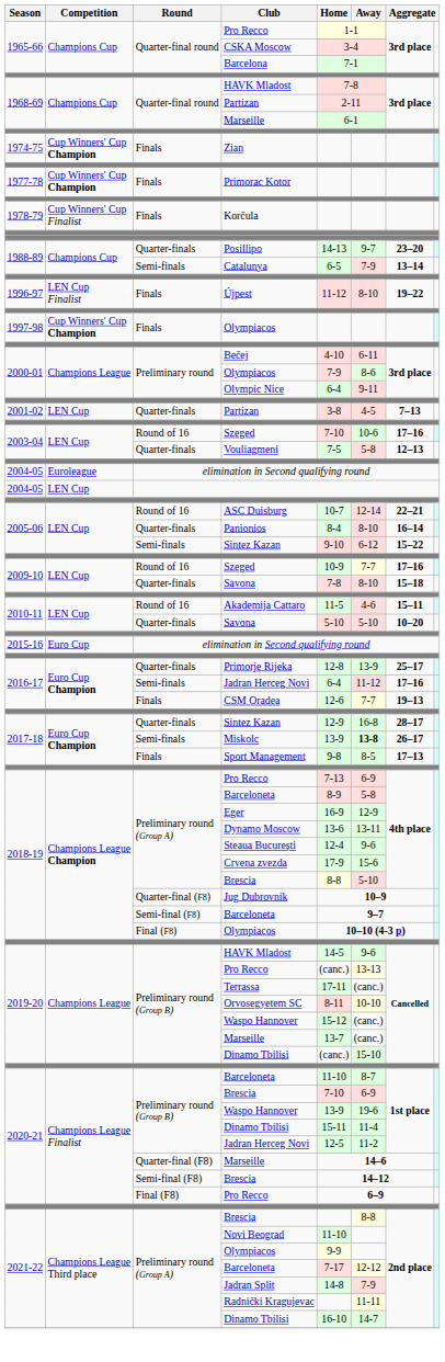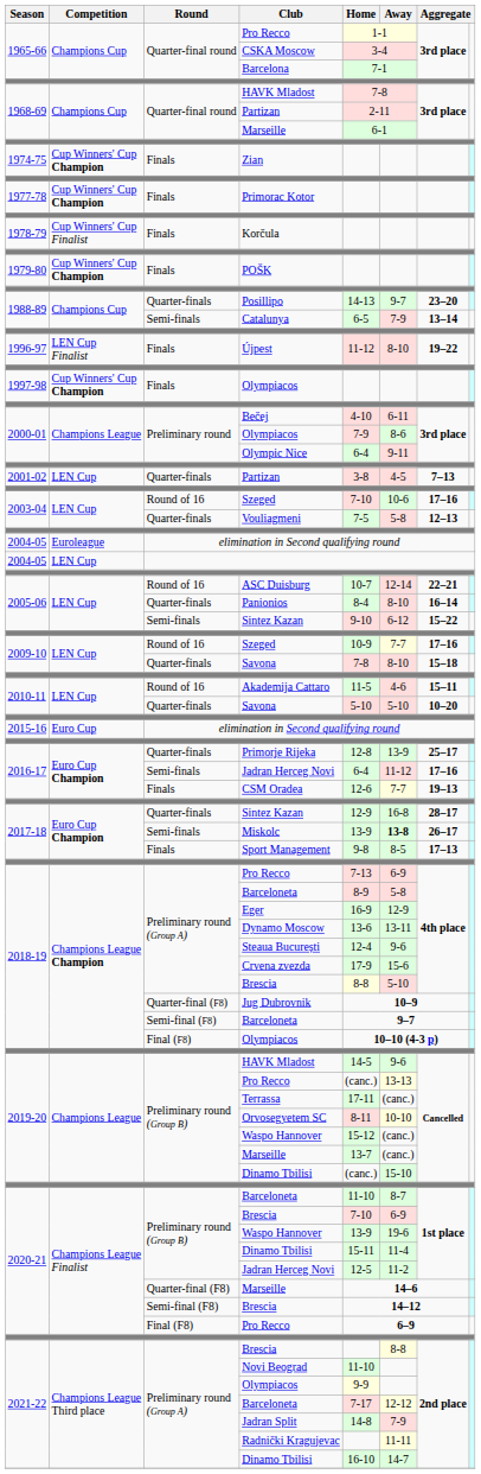 <table class="wikitable collapsible collapsed" align="center" style="text-align:left;">
 <tr>
 <th>Season</th>
 <th>Competition</th>
 <th>Round</th>
 <th>Club</th>
 <th>Home</th>
 <th>Away</th>
 <th colspan=2>Aggregate</th>
 </tr>
 <tr>
 <td rowspan=3><a href='#'>1965-66</a></td>
 <td rowspan=3><a href='#'>Champions Cup</a></td>
 <td rowspan=3>Quarter-final round</td>
 <td> <a href='#'>Pro Recco</a></td>
 <td colspan=2; style="text-align:center; background:#ffd;">1-1</td>
 <td align=center rowspan=3><strong>3rd place</strong></td>
 <td align="center" rowspan=3></td>
 </tr>
 <tr>
 <td> <a href='#'>CSKA Moscow</a></td>
 <td colspan=2; style="text-align:center; background:#fdd;">3-4</td>
 </tr>
 <tr>
 <td> <a href='#'>Barcelona</a></td>
 <td colspan=2; style="text-align:center; background:#dfd;">7-1</td>
 </tr>
 <tr>
 <td colspan=8 style="text-align: center;" bgcolor=grey></td>
 </tr>
 <tr>
 <td rowspan=3><a href='#'>1968-69</a></td>
 <td rowspan=3><a href='#'>Champions Cup</a></td>
 <td rowspan=3>Quarter-final round</td>
 <td> <a href='#'>HAVK Mladost</a></td>
 <td colspan=2; style="text-align:center; background:#fdd;">7-8</td>
 <td align=center rowspan=3><strong>3rd place</strong></td>
 <td align="center" rowspan=3></td>
 </tr>
 <tr>
 <td> <a href='#'>Partizan</a></td>
 <td colspan=2; style="text-align:center; background:#fdd;">2-11</td>
 </tr>
 <tr>
 <td> <a href='#'>Marseille</a></td>
 <td colspan=2; style="text-align:center; background:#dfd;">6-1</td>
 </tr>
 <tr>
 <td colspan=8 style="text-align: center;" bgcolor=grey></td>
 </tr>
 <tr>
 <td rowspan=1><a href='#'>1974-75</a></td>
 <td rowspan=1><a href='#'>Cup Winners' Cup</a><br> <strong>Champion</strong></td>
 <td>Finals</td>
 <td> <a href='#'>Zian</a></td>
 <td></td>
 <td></td>
 <td style="text-align:center;"></td>
 <td style="background-color:#CFF" align="center"></td>
 </tr>
 <tr>
 <td colspan=8 style="text-align: center;" bgcolor=grey></td>
 </tr>
 <tr>
 <td rowspan=1><a href='#'>1977-78</a></td>
 <td rowspan=1><a href='#'>Cup Winners' Cup</a><br> <strong>Champion</strong></td>
 <td>Finals</td>
 <td> <a href='#'>Primorac Kotor</a></td>
 <td></td>
 <td></td>
 <td style="text-align:center;"></td>
 <td style="background-color:#CFF" align="center"></td>
 </tr>
 <tr>
 <td colspan=8 style="text-align: center;" bgcolor=grey></td>
 </tr>
 <tr>
 <td rowspan=1><a href='#'>1978-79</a></td>
 <td rowspan=1><a href='#'>Cup Winners' Cup</a><br> <em>Finalist</em></td>
 <td>Finals</td>
 <td> Korčula</td>
 <td></td>
 <td></td>
 <td style="text-align:center;"></td>
 <td align="center"></td>
 </tr>
 <tr>
 <td colspan=8 style="text-align: center;" bgcolor=grey></td>
+</tr>
+<tr>
+<td rowspan=1><a href='#'>1979-80</a></td>
+<td rowspan=1><a href='#'>Cup Winners' Cup</a><br> <strong>Champion</strong></td>
+<td>Finals</td>
+<td> <a href='#'>POŠK</a></td>
+<td></td>
+<td></td>
+<td style="text-align:center;"></td>
+<td style="background-color:#CFF" align="center"></td>
 </tr>
 <tr>
 <td colspan=8 style="text-align: center;" bgcolor=grey></td>
 </tr>
 <tr>
 <td rowspan=2><a href='#'>1988-89</a></td>
 <td rowspan=2><a href='#'>Champions Cup</a></td>
 <td>Quarter-finals</td>
 <td> <a href='#'>Posillipo</a></td>
 <td style="text-align:center; background:#dfd;">14-13</td>
 <td style="text-align:center; background:#dfd;">9-7</td>
 <td style="text-align:center;"><strong>23–20</strong></td>
 <td style="background-color:#CFF" align="center"></td>
 </tr>
 <tr>
 <td>Semi-finals</td>
 <td> <a href='#'>Catalunya</a></td>
 <td style="text-align:center; background:#dfd;">6-5</td>
 <td style="text-align:center; background:#fdd;">7-9</td>
 <td style="text-align:center;"><strong>13–14</strong></td>
 <td align="center"></td>
 </tr>
 <tr>
 <td colspan=8 style="text-align: center;" bgcolor=grey></td>
 </tr>
 <tr>
 <td rowspan=1><a href='#'>1996-97</a></td>
 <td rowspan=1><a href='#'>LEN Cup</a><br> <em>Finalist</em></td>
 <td>Finals</td>
 <td> <a href='#'>Újpest</a></td>
 <td style="text-align:center; background:#fdd;">11-12<br></td>
 <td style="text-align:center; background:#fdd;">8-10</td>
 <td style="text-align:center;"><strong>19–22</strong></td>
 <td align="center"></td>
 </tr>
 <tr>
 <td colspan=8 style="text-align: center;" bgcolor=grey></td>
 </tr>
 <tr>
 <td rowspan=1><a href='#'>1997-98</a></td>
 <td rowspan=1><a href='#'>Cup Winners' Cup</a><br> <strong>Champion</strong></td>
 <td>Finals</td>
 <td> <a href='#'>Olympiacos</a></td>
 <td></td>
 <td></td>
 <td style="text-align:center;"></td>
 <td style="background-color:#CFF" align="center"></td>
 </tr>
 <tr>
 <td colspan=8 style="text-align: center;" bgcolor=grey></td>
 </tr>
 <tr>
 <td rowspan=3><a href='#'>2000-01</a></td>
 <td rowspan=3><a href='#'>Champions League</a></td>
 <td rowspan=3>Preliminary round<br><em></em></td>
 <td> <a href='#'>Bečej</a></td>
 <td style="text-align:center; background:#fdd;">4-10</td>
 <td style="text-align:center; background:#fdd;">6-11</td>
 <td align=center rowspan=3><strong>3rd place</strong></td>
 <td align="center" rowspan=3></td>
 </tr>
 <tr>
 <td> <a href='#'>Olympiacos</a></td>
 <td style="text-align:center; background:#fdd;">7-9</td>
 <td style="text-align:center; background:#dfd;">8-6</td>
 </tr>
 <tr>
 <td> <a href='#'>Olympic Nice</a></td>
 <td style="text-align:center; background:#dfd;">6-4</td>
 <td style="text-align:center; background:#fdd;">9-11</td>
 </tr>
 <tr>
 <td colspan=8 style="text-align: center;" bgcolor=grey></td>
 </tr>
 <tr>
 <td rowspan=1><a href='#'>2001-02</a></td>
 <td rowspan=1><a href='#'>LEN Cup</a></td>
 <td>Quarter-finals</td>
 <td> <a href='#'>Partizan</a></td>
 <td style="text-align:center; background:#fdd;">3-8</td>
 <td style="text-align:center; background:#fdd;">4-5</td>
 <td style="text-align:center;"><strong>7–13</strong></td>
 <td align="center"></td>
 </tr>
 <tr>
 <td colspan=8 style="text-align: center;" bgcolor=grey></td>
 </tr>
 <tr>
 <td rowspan=2><a href='#'>2003-04</a></td>
 <td rowspan=2><a href='#'>LEN Cup</a></td>
 <td>Round of 16</td>
 <td> <a href='#'>Szeged</a></td>
 <td style="text-align:center; background:#fdd;">7-10</td>
 <td style="text-align:center; background:#dfd;">10-6</td>
 <td style="text-align:center;"><strong>17–16</strong></td>
 <td style="background-color:#CFF" align="center"></td>
 </tr>
 <tr>
 <td>Quarter-finals</td>
 <td> <a href='#'>Vouliagmeni</a></td>
 <td style="text-align:center; background:#dfd;">7-5</td>
 <td style="text-align:center; background:#fdd;">5-8</td>
 <td style="text-align:center;"><strong>12–13</strong></td>
 <td align="center"></td>
 </tr>
 <tr>
 <td colspan=8 style="text-align: center;" bgcolor=grey></td>
 </tr>
 <tr>
 <td rowspan=1><a href='#'>2004-05</a></td>
 <td rowspan=1><a href='#'>Euroleague</a></td>
 <td colspan=6; align="center"><em>elimination in Second qualifying round</em></td>
 </tr>
 <tr>
 <td rowspan=1><a href='#'>2004-05</a></td>
 <td rowspan=1><a href='#'>LEN Cup</a></td>
 <td colspan=6; align="center"></td>
 </tr>
 <tr>
 <td colspan=8 style="text-align: center;" bgcolor=grey></td>
 </tr>
 <tr>
 <td rowspan=3><a href='#'>2005-06</a></td>
 <td rowspan=3><a href='#'>LEN Cup</a></td>
 <td>Round of 16</td>
 <td> <a href='#'>ASC Duisburg</a></td>
 <td style="text-align:center; background:#dfd;">10-7</td>
 <td style="text-align:center; background:#fdd;">12-14</td>
 <td style="text-align:center;"><strong>22–21</strong></td>
 <td style="background-color:#CFF" align="center"></td>
 </tr>
 <tr>
 <td>Quarter-finals</td>
 <td> <a href='#'>Panionios</a></td>
 <td style="text-align:center; background:#dfd;">8-4</td>
 <td style="text-align:center; background:#fdd;">8-10</td>
 <td style="text-align:center;"><strong>16–14</strong></td>
 <td style="background-color:#CFF" align="center"></td>
 </tr>
 <tr>
 <td>Semi-finals</td>
 <td> <a href='#'>Sintez Kazan</a></td>
 <td style="text-align:center; background:#fdd;">9-10</td>
 <td style="text-align:center; background:#fdd;">6-12</td>
 <td style="text-align:center;"><strong>15–22</strong></td>
 <td align="center"></td>
 </tr>
 <tr>
 <td colspan=8 style="text-align: center;" bgcolor=grey></td>
 </tr>
 <tr>
 <td rowspan=2><a href='#'>2009-10</a></td>
 <td rowspan=2><a href='#'>LEN Cup</a></td>
 <td>Round of 16</td>
 <td> <a href='#'>Szeged</a></td>
 <td style="text-align:center; background:#dfd;">10-9</td>
 <td style="text-align:center; background:#ffd;">7-7</td>
 <td style="text-align:center;"><strong>17–16</strong></td>
 <td style="background-color:#CFF" align="center"></td>
 </tr>
 <tr>
 <td>Quarter-finals</td>
 <td> <a href='#'>Savona</a></td>
 <td style="text-align:center; background:#fdd;">7-8</td>
 <td style="text-align:center; background:#fdd;">8-10</td>
 <td style="text-align:center;"><strong>15–18</strong></td>
 <td align="center"></td>
 </tr>
 <tr>
 <td colspan=8 style="text-align: center;" bgcolor=grey></td>
 </tr>
 <tr>
 <td rowspan=2><a href='#'>2010-11</a></td>
 <td rowspan=2><a href='#'>LEN Cup</a></td>
 <td>Round of 16</td>
 <td> <a href='#'>Akademija Cattaro</a></td>
 <td style="text-align:center; background:#dfd;">11-5</td>
 <td style="text-align:center; background:#fdd;">4-6</td>
 <td style="text-align:center;"><strong>15–11</strong></td>
 <td style="background-color:#CFF" align="center"></td>
 </tr>
 <tr>
 <td>Quarter-finals</td>
 <td> <a href='#'>Savona</a></td>
 <td style="text-align:center; background:#fdd;">5-10</td>
 <td style="text-align:center; background:#fdd;">5-10</td>
 <td style="text-align:center;"><strong>10–20</strong></td>
 <td align="center"></td>
 </tr>
 <tr>
 <td colspan=8 style="text-align: center;" bgcolor=grey></td>
 </tr>
 <tr>
 <td rowspan=1><a href='#'>2015-16</a></td>
 <td rowspan=1><a href='#'>Euro Cup</a></td>
 <td colspan=6; align="center"><em>elimination in <a href='#'>Second qualifying round</a></em></td>
 </tr>
 <tr>
 <td colspan=8 style="text-align: center;" bgcolor=grey></td>
 </tr>
 <tr>
 <td rowspan=3><a href='#'>2016-17</a></td>
 <td rowspan=3><a href='#'>Euro Cup</a><br> <strong>Champion</strong></td>
 <td>Quarter-finals</td>
 <td> <a href='#'>Primorje Rijeka</a></td>
 <td style="text-align:center; background:#dfd;">12-8</td>
 <td style="text-align:center; background:#dfd;">13-9</td>
 <td style="text-align:center;"><strong>25–17</strong></td>
 <td style="background-color:#CFF" align="center"></td>
 </tr>
 <tr>
 <td>Semi-finals</td>
 <td> <a href='#'>Jadran Herceg Novi</a></td>
 <td style="text-align:center; background:#dfd;">6-4</td>
 <td style="text-align:center; background:#fdd;">11-12</td>
 <td style="text-align:center;"><strong>17–16</strong></td>
 <td style="background-color:#CFF" align="center"></td>
 </tr>
 <tr>
 <td>Finals</td>
 <td> <a href='#'>CSM Oradea</a></td>
 <td style="text-align:center; background:#dfd;">12-6</td>
 <td style="text-align:center; background:#ffd;">7-7</td>
 <td style="text-align:center;"><strong>19–13</strong></td>
 <td style="background-color:#CFF" align="center"></td>
 </tr>
 <tr>
 <td colspan=8 style="text-align: center;" bgcolor=grey></td>
 </tr>
 <tr>
 <td rowspan=3><a href='#'>2017-18</a></td>
 <td rowspan=3><a href='#'>Euro Cup</a><br> <strong>Champion</strong></td>
 <td>Quarter-finals</td>
 <td> <a href='#'>Sintez Kazan</a></td>
 <td style="text-align:center; background:#dfd;">12-9</td>
 <td style="text-align:center; background:#dfd;">16-8</td>
 <td style="text-align:center;"><strong>28–17</strong></td>
 <td style="background-color:#CFF" align="center"></td>
 </tr>
 <tr>
 <td>Semi-finals</td>
 <td> <a href='#'>Miskolc</a></td>
 <td style="text-align:center; background:#dfd;">13-9</td>
 <td style="text-align:center; background:#dfd;"><strong>13-8</strong></td>
 <td style="text-align:center;"><strong>26–17</strong></td>
 <td style="background-color:#CFF" align="center"></td>
 </tr>
 <tr>
 <td>Finals</td>
 <td> <a href='#'>Sport Management</a></td>
 <td style="text-align:center; background:#dfd;">9-8</td>
 <td style="text-align:center; background:#dfd;">8-5</td>
 <td style="text-align:center;"><strong>17–13</strong></td>
 <td style="background-color:#CFF" align="center"></td>
 </tr>
 <tr>
 <td colspan=8 style="text-align: center;" bgcolor=grey></td>
 </tr>
 <tr>
 <td rowspan=10><a href='#'>2018-19</a></td>
 <td rowspan=10><a href='#'>Champions League</a><br> <strong>Champion</strong></td>
 <td rowspan=7>Preliminary round<br><em>(<small>Group A</small>)</em></td>
 <td> <a href='#'>Pro Recco</a></td>
 <td style="text-align:center; background:#fdd;">7-13</td>
 <td style="text-align:center; background:#fdd;">6-9</td>
 <td align=center rowspan=7><strong>4th place</strong></td>
 <td style="background-color:#CFF" align="center" rowspan=7></td>
 </tr>
 <tr>
 <td> <a href='#'>Barceloneta</a></td>
 <td style="text-align:center; background:#fdd;">8-9</td>
 <td style="text-align:center; background:#fdd;">5-8</td>
 </tr>
 <tr>
 <td> <a href='#'>Eger</a></td>
 <td style="text-align:center; background:#dfd;">16-9</td>
 <td style="text-align:center; background:#dfd;">12-9</td>
 </tr>
 <tr>
 <td> <a href='#'>Dynamo Moscow</a></td>
 <td style="text-align:center; background:#dfd;">13-6</td>
 <td style="text-align:center; background:#dfd;">13-11</td>
 </tr>
 <tr>
 <td> <a href='#'>Steaua București</a></td>
 <td style="text-align:center; background:#dfd;">12-4</td>
 <td style="text-align:center; background:#dfd;">9-6</td>
 </tr>
 <tr>
 <td> <a href='#'>Crvena zvezda</a></td>
 <td style="text-align:center; background:#dfd;">17-9</td>
 <td style="text-align:center; background:#dfd;">15-6</td>
 </tr>
 <tr>
 <td> <a href='#'>Brescia</a></td>
 <td style="text-align:center; background:#ffd;">8-8</td>
 <td style="text-align:center; background:#fdd;">5-10</td>
 </tr>
 <tr>
 <td>Quarter-final (<small>F8</small>)</td>
 <td> <a href='#'>Jug Dubrovnik</a></td>
 <td colspan=3; style="text-align:center"><strong>10–9</strong></td>
 <td style="background-color:#CFF" align="center"></td>
 </tr>
 <tr>
 <td>Semi-final (<small>F8</small>)</td>
 <td> <a href='#'>Barceloneta</a></td>
 <td colspan=3; style="text-align:center"><strong>9–7</strong></td>
 <td style="background-color:#CFF" align="center"></td>
 </tr>
 <tr>
 <td>Final (<small>F8</small>)</td>
 <td> <a href='#'>Olympiacos</a></td>
 <td colspan=3; style="text-align:center"><strong>10–10 (4-3 <a href='#'>p</a>)</strong></td>
 <td style="background-color:#CFF" align="center"></td>
 </tr>
 <tr>
 <td colspan=8 style="text-align: center;" bgcolor=grey></td>
 </tr>
 <tr>
 <td rowspan=7><a href='#'>2019-20</a></td>
 <td rowspan=7><a href='#'>Champions League</a></td>
 <td rowspan=7>Preliminary round<br><em>(<small>Group B</small>)</em></td>
 <td> <a href='#'>HAVK Mladost</a></td>
 <td style="text-align:center; background:#dfd;">14-5</td>
 <td style="text-align:center; background:#dfd;">9-6</td>
 <td align=center rowspan=7><small><strong>Cancelled</strong></small></td>
 </tr>
 <tr>
 <td> <a href='#'>Pro Recco</a></td>
 <td style="text-align:center">(canc.)</td>
 <td style="text-align:center; background:#ffd;">13-13</td>
 </tr>
 <tr>
 <td> <a href='#'>Terrassa</a></td>
 <td style="text-align:center; background:#dfd;">17-11</td>
 <td style="text-align:center">(canc.)</td>
 </tr>
 <tr>
 <td> <a href='#'>Orvosegyetem SC</a></td>
 <td style="text-align:center; background:#fdd;">8-11</td>
 <td style="text-align:center; background:#ffd;">10-10</td>
 </tr>
 <tr>
 <td> <a href='#'>Waspo Hannover</a></td>
 <td style="text-align:center; background:#dfd;">15-12</td>
 <td style="text-align:center">(canc.)</td>
 </tr>
 <tr>
 <td> <a href='#'>Marseille</a></td>
 <td style="text-align:center; background:#dfd;">13-7</td>
 <td style="text-align:center">(canc.)</td>
 </tr>
 <tr>
 <td> <a href='#'>Dinamo Tbilisi</a></td>
 <td style="text-align:center">(canc.)</td>
 <td style="text-align:center; background:#dfd;">15-10</td>
 </tr>
 <tr>
 <td colspan=8 style="text-align: center;" bgcolor=grey></td>
 </tr>
 <tr>
 <td rowspan=8><a href='#'>2020-21</a></td>
 <td rowspan=8><a href='#'>Champions League</a><br> <em>Finalist</em></td>
 <td rowspan=5>Preliminary round<br><em>(<small>Group B</small>)</em></td>
 <td> <a href='#'>Barceloneta</a></td>
 <td style="text-align:center; background:#dfd;">11-10</td>
 <td style="text-align:center; background:#dfd;">8-7</td>
 <td align=center rowspan=5><strong>1st place</strong></td>
 <td style="background-color:#CFF" align="center" rowspan=5></td>
 </tr>
 <tr>
 <td> <a href='#'>Brescia</a></td>
 <td style="text-align:center; background:#fdd;">7-10</td>
 <td style="text-align:center; background:#fdd;">6-9</td>
 </tr>
 <tr>
 <td> <a href='#'>Waspo Hannover</a></td>
 <td style="text-align:center; background:#dfd;">13-9</td>
 <td style="text-align:center; background:#dfd;">19-6</td>
 </tr>
 <tr>
 <td> <a href='#'>Dinamo Tbilisi</a></td>
 <td style="text-align:center; background:#dfd;">15-11</td>
 <td style="text-align:center; background:#dfd;">11-4</td>
 </tr>
 <tr>
 <td> <a href='#'>Jadran Herceg Novi</a></td>
 <td style="text-align:center; background:#dfd;">12-5</td>
 <td style="text-align:center; background:#dfd;">11-2</td>
 </tr>
 <tr>
 <td>Quarter-final (F8)</td>
 <td> <a href='#'>Marseille</a></td>
 <td colspan=3; style="text-align:center;"><strong>14–6</strong></td>
 <td style="background-color:#CFF" align="center"></td>
 </tr>
 <tr>
 <td>Semi-final (F8)</td>
 <td> <a href='#'>Brescia</a></td>
 <td colspan=3; style="text-align:center;"><strong>14–12</strong></td>
 <td style="background-color:#CFF" align="center"></td>
 </tr>
 <tr>
 <td>Final (F8)</td>
 <td> <a href='#'>Pro Recco</a></td>
 <td colspan=3; style="text-align:center;"><strong>6–9</strong></td>
 <td align="center"></td>
 </tr>
 <tr>
 <td colspan=8 style="text-align: center;" bgcolor=grey></td>
 </tr>
 <tr>
 <td rowspan=7><a href='#'>2021-22</a></td>
 <td rowspan=7><a href='#'>Champions League</a><br> Third place</td>
 <td rowspan=7>Preliminary round<br><em>(<small>Group A</small>)</em></td>
 <td> <a href='#'>Brescia</a></td>
 <td style="text-align:center;"></td>
 <td style="text-align:center; background:#ffd;">8-8</td>
 <td align=center rowspan=7><strong>2nd place</strong></td>
 <td style="background-color:#CFF" align="center" rowspan=7></td>
 </tr>
 <tr>
 <td> <a href='#'>Novi Beograd</a></td>
 <td style="text-align:center; background:#dfd;">11-10</td>
 <td style="text-align:center;"></td>
 </tr>
 <tr>
 <td> <a href='#'>Olympiacos</a></td>
 <td style="text-align:center; background:#ffd;">9-9</td>
 <td style="text-align:center;"></td>
 </tr>
 <tr>
 <td> <a href='#'>Barceloneta</a></td>
 <td style="text-align:center; background:#fdd;">7-17</td>
 <td style="text-align:center; background:#ffd;">12-12</td>
 </tr>
 <tr>
 <td> <a href='#'>Jadran Split</a></td>
 <td style="text-align:center; background:#dfd;">14-8</td>
 <td style="text-align:center; background:#fdd;">7-9</td>
 </tr>
 <tr>
 <td> <a href='#'>Radnički Kragujevac</a></td>
 <td style="text-align:center;"></td>
 <td style="text-align:center; background:#ffd;">11-11</td>
 </tr>
 <tr>
 <td> <a href='#'>Dinamo Tbilisi</a></td>
 <td style="text-align:center; background:#dfd;">16-10</td>
 <td style="text-align:center; background:#dfd;">14-7</td>
 </tr>
 <tr>
 </tr>
 </table>
